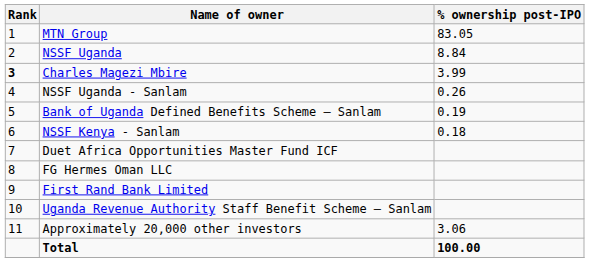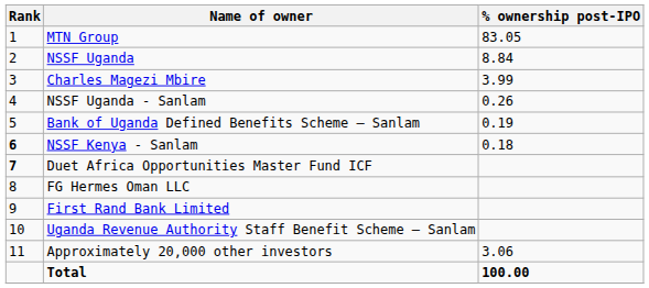 <table class="wikitable sortable" style="margin-left:auto;margin-right:auto">
 <tr>
 <th style="width:2em;">Rank</th>
 <th>Name of owner</th>
 <th>% ownership post-IPO</th>
 </tr>
 <tr>
 <td>1</td>
 <td><a href='#'>MTN Group</a></td>
 <td>83.05</td>
 </tr>
 <tr>
 <td>2</td>
 <td><a href='#'>NSSF Uganda</a></td>
 <td>8.84</td>
 </tr>
 <tr>
-<td><strong>3</strong></td>
+<td>3</td>
 <td><a href='#'>Charles Magezi Mbire</a></td>
 <td>3.99</td>
 </tr>
 <tr>
 <td>4</td>
 <td>NSSF Uganda - Sanlam</td>
 <td>0.26</td>
 </tr>
 <tr>
 <td>5</td>
 <td><a href='#'>Bank of Uganda</a> Defined Benefits Scheme – Sanlam</td>
 <td>0.19</td>
 </tr>
 <tr>
-<td>6</td>
+<td><strong>6</strong></td>
 <td><a href='#'>NSSF Kenya</a> - Sanlam</td>
 <td>0.18</td>
 </tr>
 <tr>
-<td>7</td>
+<td><strong>7</strong></td>
 <td>Duet Africa Opportunities Master Fund ICF</td>
 <td></td>
 </tr>
 <tr>
 <td>8</td>
 <td>FG Hermes Oman LLC</td>
 <td></td>
 </tr>
 <tr>
 <td>9</td>
 <td><a href='#'>First Rand Bank Limited</a></td>
 <td></td>
 </tr>
 <tr>
 <td>10</td>
 <td><a href='#'>Uganda Revenue Authority</a> Staff Benefit Scheme – Sanlam</td>
 <td></td>
 </tr>
 <tr>
 <td>11</td>
 <td>Approximately 20,000 other investors</td>
 <td>3.06</td>
 </tr>
 <tr>
 <td></td>
 <td><strong>Total</strong></td>
 <td><strong>100.00</strong></td>
 </tr>
 <tr>
 </tr>
 </table>
